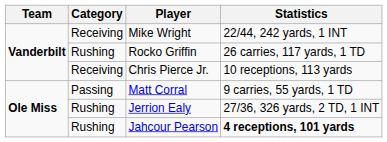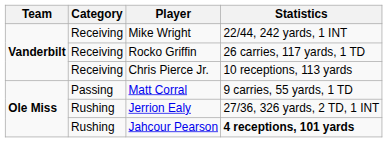 <table class="wikitable" style="float: right;">
 <tr>
 <th>Team</th>
 <th>Category</th>
 <th>Player</th>
 <th>Statistics</th>
 </tr>
 <tr>
 <td rowspan=3><strong>Vanderbilt</strong></td>
 <td>Receiving</td>
 <td>Mike Wright</td>
 <td>22/44, 242 yards, 1 INT</td>
 </tr>
 <tr>
-<td>Rushing</td>
+<td>Receiving</td>
 <td>Rocko Griffin</td>
 <td>26 carries, 117 yards, 1 TD</td>
 </tr>
 <tr>
 <td>Receiving</td>
 <td>Chris Pierce Jr.</td>
 <td>10 receptions, 113 yards</td>
 </tr>
 <tr>
 <td rowspan=3><strong>Ole Miss</strong></td>
 <td>Passing</td>
 <td><a href='#'>Matt Corral</a></td>
 <td>9 carries, 55 yards, 1 TD</td>
 </tr>
 <tr>
 <td>Rushing</td>
 <td><a href='#'>Jerrion Ealy</a></td>
 <td>27/36, 326 yards, 2 TD, 1 INT</td>
 </tr>
 <tr>
 <td>Rushing</td>
 <td><a href='#'>Jahcour Pearson</a></td>
 <td><strong>4 receptions, 101 yards</strong></td>
 </tr>
 </table>
